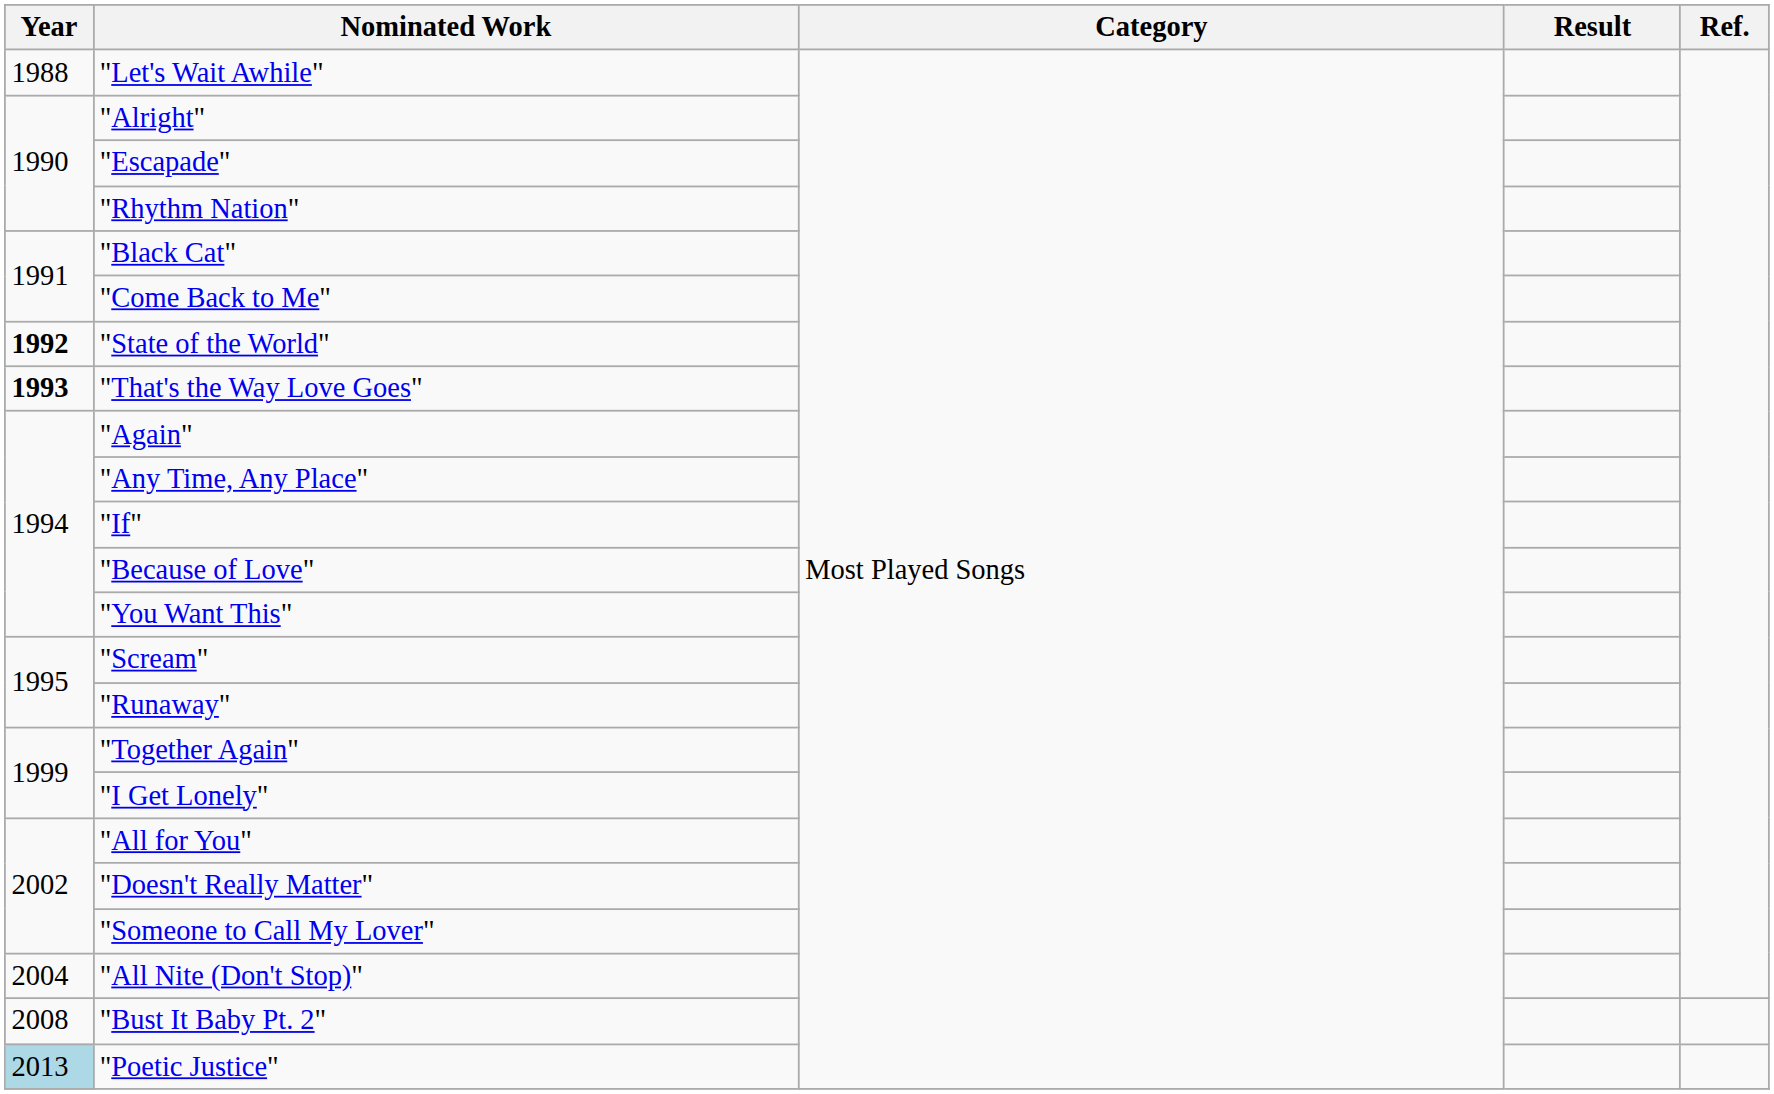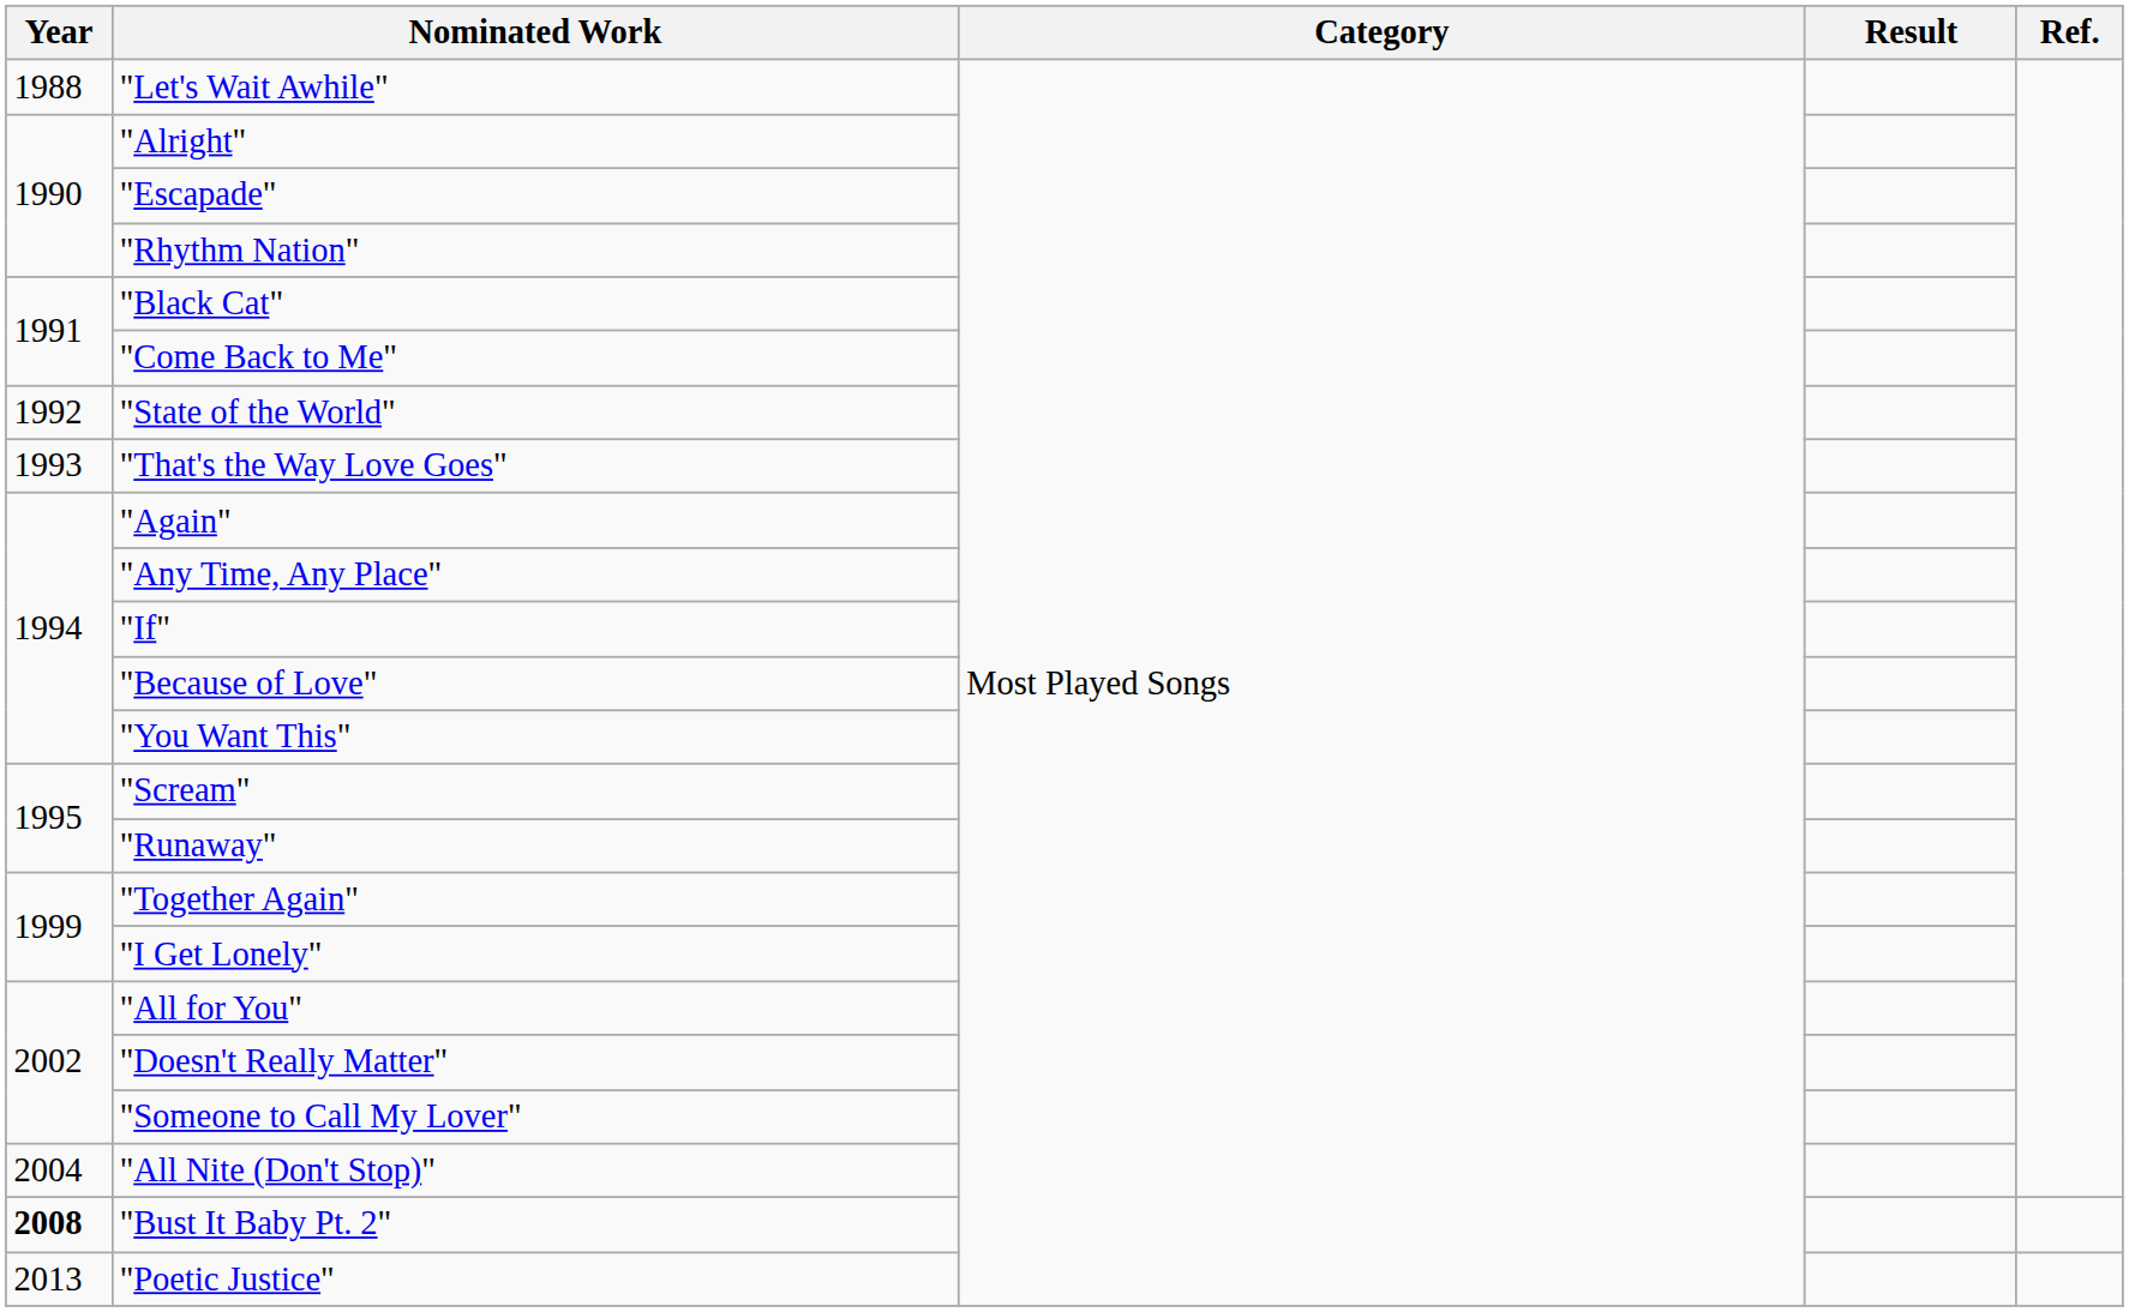 <table class="wikitable" width="50%">
 <tr>
 <th width="5%">Year</th>
 <th width="40%">Nominated Work</th>
 <th width="40%">Category</th>
 <th width="10%">Result</th>
 <th width="5%">Ref.</th>
 </tr>
 <tr>
 <td>1988</td>
 <td>"<a href='#'>Let's Wait Awhile</a>"</td>
 <td rowspan="23">Most Played Songs</td>
 <td></td>
 <td rowspan=21></td>
 </tr>
 <tr>
 <td rowspan="3">1990</td>
 <td>"<a href='#'>Alright</a>"</td>
 <td></td>
 </tr>
 <tr>
 <td>"<a href='#'>Escapade</a>"</td>
 <td></td>
 </tr>
 <tr>
 <td>"<a href='#'>Rhythm Nation</a>"</td>
 <td></td>
 </tr>
 <tr>
 <td rowspan="2">1991</td>
 <td>"<a href='#'>Black Cat</a>"</td>
 <td></td>
 </tr>
 <tr>
 <td>"<a href='#'>Come Back to Me</a>"</td>
 <td></td>
 </tr>
 <tr>
-<td><strong>1992</strong></td>
+<td>1992</td>
 <td>"<a href='#'>State of the World</a>"</td>
 <td></td>
 </tr>
 <tr>
-<td><strong>1993</strong></td>
+<td>1993</td>
 <td>"<a href='#'>That's the Way Love Goes</a>"</td>
 <td></td>
 </tr>
 <tr>
 <td rowspan="5">1994</td>
 <td>"<a href='#'>Again</a>"</td>
 <td></td>
 </tr>
 <tr>
 <td>"<a href='#'>Any Time, Any Place</a>"</td>
 <td></td>
 </tr>
 <tr>
 <td>"<a href='#'>If</a>"</td>
 <td></td>
 </tr>
 <tr>
 <td>"<a href='#'>Because of Love</a>"</td>
 <td></td>
 </tr>
 <tr>
 <td>"<a href='#'>You Want This</a>"</td>
 <td></td>
 </tr>
 <tr>
 <td rowspan="2">1995</td>
 <td>"<a href='#'>Scream</a>"</td>
 <td></td>
 </tr>
 <tr>
 <td>"<a href='#'>Runaway</a>"</td>
 <td></td>
 </tr>
 <tr>
 <td rowspan="2">1999</td>
 <td>"<a href='#'>Together Again</a>"</td>
 <td></td>
 </tr>
 <tr>
 <td>"<a href='#'>I Get Lonely</a>"</td>
 <td></td>
 </tr>
 <tr>
 <td rowspan="3">2002</td>
 <td>"<a href='#'>All for You</a>"</td>
 <td></td>
 </tr>
 <tr>
 <td>"<a href='#'>Doesn't Really Matter</a>"</td>
 <td></td>
 </tr>
 <tr>
 <td>"<a href='#'>Someone to Call My Lover</a>"</td>
 <td></td>
 </tr>
 <tr>
 <td>2004</td>
 <td>"<a href='#'>All Nite (Don't Stop)</a>"</td>
 <td></td>
 </tr>
 <tr>
-<td>2008</td>
+<td><strong>2008</strong></td>
 <td>"<a href='#'>Bust It Baby Pt. 2</a>"</td>
 <td></td>
 <td></td>
 </tr>
 <tr>
-<td style="background: lightblue;">2013</td>
+<td>2013</td>
 <td>"<a href='#'>Poetic Justice</a>"</td>
 <td></td>
 <td></td>
 </tr>
 </table>
